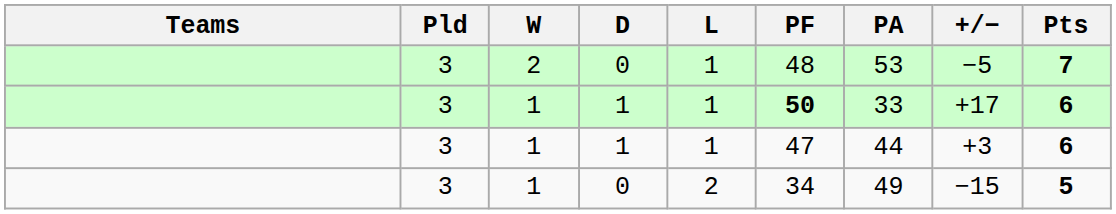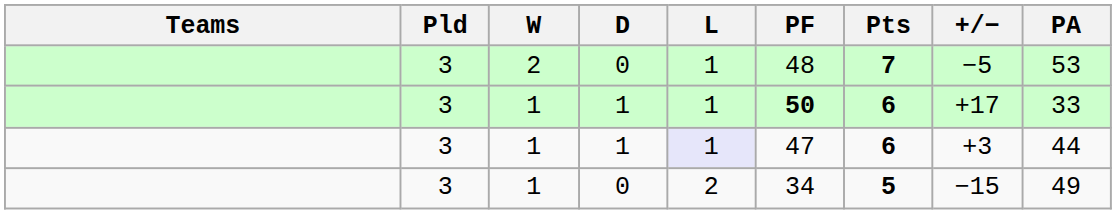 <table class="wikitable" style="text-align: center;">
 <tr>
 <th width="200">Teams</th>
 <th width="40">Pld</th>
 <th width="40">W</th>
 <th width="40">D</th>
 <th width="40">L</th>
 <th width="40">PF</th>
+<th width="40">Pts</th>
+<th width="40">+/−</th>
 <th width="40">PA</th>
-<th width="40">+/−</th>
-<th width="40">Pts</th>
 </tr>
 <tr bgcolor=ccffcc>
 <td align=left></td>
 <td>3</td>
 <td>2</td>
 <td>0</td>
 <td>1</td>
 <td>48</td>
+<td><strong>7</strong></td>
+<td>−5</td>
 <td>53</td>
-<td>−5</td>
-<td><strong>7</strong></td>
 </tr>
 <tr bgcolor=ccffcc>
 <td align=left></td>
 <td>3</td>
 <td>1</td>
 <td>1</td>
 <td>1</td>
 <td><strong>50</strong></td>
+<td><strong>6</strong></td>
+<td>+17</td>
 <td>33</td>
-<td>+17</td>
-<td><strong>6</strong></td>
 </tr>
 <tr>
 <td align=left></td>
 <td>3</td>
 <td>1</td>
 <td>1</td>
-<td>1</td>
+<td style="background: lavender;">1</td>
 <td>47</td>
+<td><strong>6</strong></td>
+<td>+3</td>
 <td>44</td>
-<td>+3</td>
-<td><strong>6</strong></td>
 </tr>
 <tr>
 <td align=left></td>
 <td>3</td>
 <td>1</td>
 <td>0</td>
 <td>2</td>
 <td>34</td>
+<td><strong>5</strong></td>
+<td>−15</td>
 <td>49</td>
-<td>−15</td>
-<td><strong>5</strong></td>
 </tr>
 </table>
